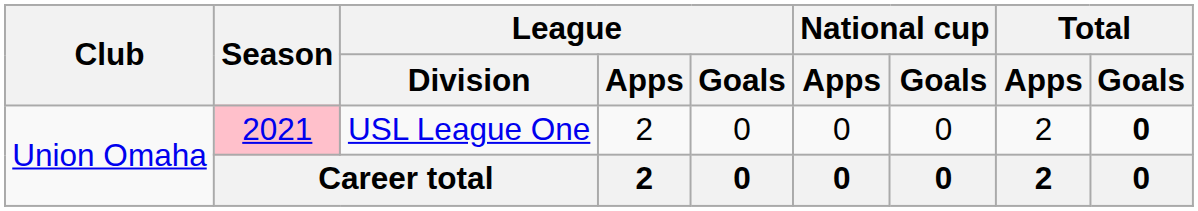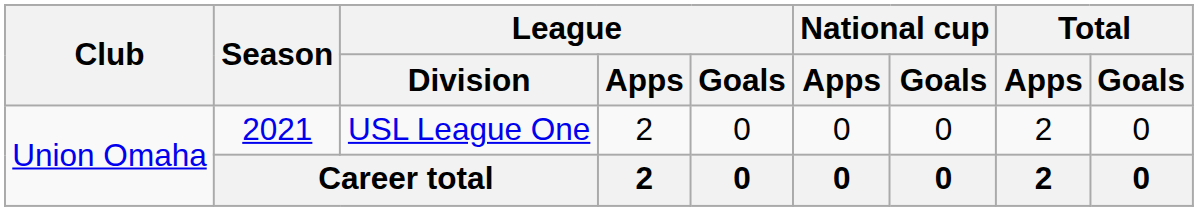 <table class="wikitable" style="text-align:center">
 <tr>
 <th rowspan="2">Club</th>
 <th rowspan="2">Season</th>
 <th colspan="3">League</th>
 <th colspan="2">National cup</th>
 <th colspan="2">Total</th>
 </tr>
 <tr>
 <th>Division</th>
 <th>Apps</th>
 <th>Goals</th>
 <th>Apps</th>
 <th>Goals</th>
 <th>Apps</th>
 <th>Goals</th>
 </tr>
 <tr>
 <td rowspan="3"><a href='#'>Union Omaha</a></td>
-<td style="background: pink;"><a href='#'>2021</a></td>
+<td><a href='#'>2021</a></td>
 <td><a href='#'>USL League One</a></td>
 <td>2</td>
 <td>0</td>
 <td>0</td>
 <td>0</td>
 <td>2</td>
-<td><strong>0</strong></td>
+<td>0</td>
 </tr>
 <tr>
 <th colspan="2">Career total</th>
 <th>2</th>
 <th>0</th>
 <th>0</th>
 <th>0</th>
 <th>2</th>
 <th>0</th>
 </tr>
 </table>
